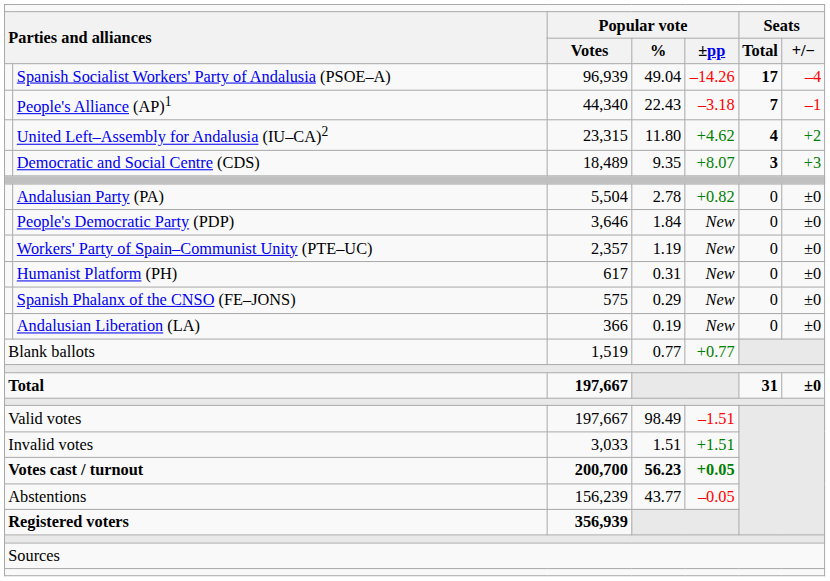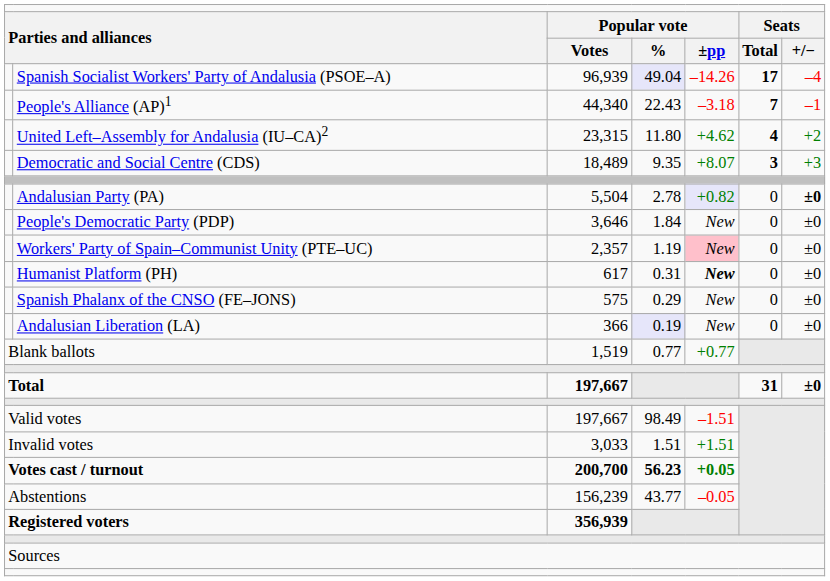 <table class="wikitable" style="text-align:right;">
 <tr>
 <td colspan="7"></td>
 </tr>
 <tr>
 <th style="text-align:left;" rowspan="2" colspan="2" width="525">Parties and alliances</th>
 <th colspan="3">Popular vote</th>
 <th colspan="2">Seats</th>
 </tr>
 <tr>
 <th width="75">Votes</th>
 <th width="45">%</th>
 <th width="45">±<a href='#'>pp</a></th>
 <th width="35">Total</th>
 <th width="35">+/−</th>
 </tr>
 <tr>
 <td width="1" style="color:inherit;background:"></td>
 <td align="left"><a href='#'>Spanish Socialist Workers' Party of Andalusia</a> (PSOE–A)</td>
 <td>96,939</td>
-<td>49.04</td>
+<td style="background: lavender;">49.04</td>
 <td style="color:red;">–14.26</td>
 <td><strong>17</strong></td>
 <td style="color:red;">–4</td>
 </tr>
 <tr>
 <td style="color:inherit;background:"></td>
 <td align="left"><a href='#'>People's Alliance</a> (AP)<sup>1</sup></td>
 <td>44,340</td>
 <td>22.43</td>
 <td style="color:red;">–3.18</td>
 <td><strong>7</strong></td>
 <td style="color:red;">–1</td>
 </tr>
 <tr>
 <td style="color:inherit;background:"></td>
 <td align="left"><a href='#'>United Left–Assembly for Andalusia</a> (IU–CA)<sup>2</sup></td>
 <td>23,315</td>
 <td>11.80</td>
 <td style="color:green;">+4.62</td>
 <td><strong>4</strong></td>
 <td style="color:green;">+2</td>
 </tr>
 <tr>
 <td style="color:inherit;background:"></td>
 <td align="left"><a href='#'>Democratic and Social Centre</a> (CDS)</td>
 <td>18,489</td>
 <td>9.35</td>
 <td style="color:green;">+8.07</td>
 <td><strong>3</strong></td>
 <td style="color:green;">+3</td>
 </tr>
 <tr>
 <td colspan="7" bgcolor="#C0C0C0"></td>
 </tr>
 <tr>
 <td style="color:inherit;background:"></td>
 <td align="left"><a href='#'>Andalusian Party</a> (PA)</td>
 <td>5,504</td>
 <td>2.78</td>
-<td style="color:green;">+0.82</td>
+<td style="background: lavender; color:green;">+0.82</td>
 <td>0</td>
-<td>±0</td>
+<td><strong>±0</strong></td>
 </tr>
 <tr>
 <td style="color:inherit;background:"></td>
 <td align="left"><a href='#'>People's Democratic Party</a> (PDP)</td>
 <td>3,646</td>
 <td>1.84</td>
 <td><em>New</em></td>
 <td>0</td>
 <td>±0</td>
 </tr>
 <tr>
 <td style="color:inherit;background:"></td>
 <td align="left"><a href='#'>Workers' Party of Spain–Communist Unity</a> (PTE–UC)</td>
 <td>2,357</td>
 <td>1.19</td>
-<td><em>New</em></td>
+<td style="background: pink;"><em>New</em></td>
 <td>0</td>
 <td>±0</td>
 </tr>
 <tr>
 <td style="color:inherit;background:"></td>
 <td align="left"><a href='#'>Humanist Platform</a> (PH)</td>
 <td>617</td>
 <td>0.31</td>
-<td><em>New</em></td>
+<td><strong><em>New</em></strong></td>
 <td>0</td>
 <td>±0</td>
 </tr>
 <tr>
 <td style="color:inherit;background:"></td>
 <td align="left"><a href='#'>Spanish Phalanx of the CNSO</a> (FE–JONS)</td>
 <td>575</td>
 <td>0.29</td>
 <td><em>New</em></td>
 <td>0</td>
 <td>±0</td>
 </tr>
 <tr>
 <td style="color:inherit;background:"></td>
 <td align="left"><a href='#'>Andalusian Liberation</a> (LA)</td>
 <td>366</td>
-<td>0.19</td>
+<td style="background: lavender;">0.19</td>
 <td><em>New</em></td>
 <td>0</td>
 <td>±0</td>
 </tr>
 <tr>
 <td align="left" colspan="2">Blank ballots</td>
 <td>1,519</td>
 <td>0.77</td>
 <td style="color:green;">+0.77</td>
 <td bgcolor="#E9E9E9" colspan="2"></td>
 </tr>
 <tr>
 <td colspan="7" bgcolor="#E9E9E9"></td>
 </tr>
 <tr style="font-weight:bold;">
 <td align="left" colspan="2">Total</td>
 <td>197,667</td>
 <td bgcolor="#E9E9E9" colspan="2"></td>
 <td>31</td>
 <td>±0</td>
 </tr>
 <tr>
 <td colspan="7" bgcolor="#E9E9E9"></td>
 </tr>
 <tr>
 <td align="left" colspan="2">Valid votes</td>
 <td>197,667</td>
 <td>98.49</td>
 <td style="color:red;">–1.51</td>
 <td bgcolor="#E9E9E9" colspan="2" rowspan="5"></td>
 </tr>
 <tr>
 <td align="left" colspan="2">Invalid votes</td>
 <td>3,033</td>
 <td>1.51</td>
 <td style="color:green;">+1.51</td>
 </tr>
 <tr style="font-weight:bold;">
 <td align="left" colspan="2">Votes cast / turnout</td>
 <td>200,700</td>
 <td>56.23</td>
 <td style="color:green;">+0.05</td>
 </tr>
 <tr>
 <td align="left" colspan="2">Abstentions</td>
 <td>156,239</td>
 <td>43.77</td>
 <td style="color:red;">–0.05</td>
 </tr>
 <tr style="font-weight:bold;">
 <td align="left" colspan="2">Registered voters</td>
 <td>356,939</td>
 <td bgcolor="#E9E9E9" colspan="2"></td>
 </tr>
 <tr>
 <td colspan="7" bgcolor="#E9E9E9"></td>
 </tr>
 <tr>
 <td align="left" colspan="7">Sources</td>
 </tr>
 <tr>
 <td colspan="7" style="text-align:left; max-width:790px;"></td>
 </tr>
 </table>
